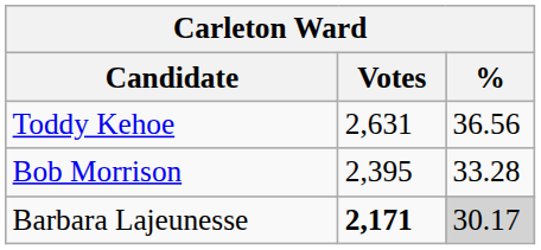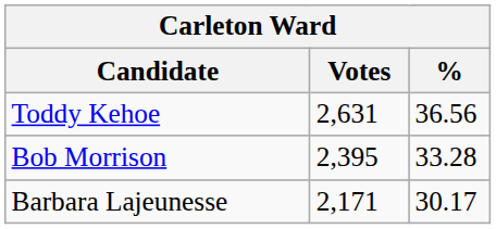 <table class="wikitable">
 <tr>
 <th colspan="3">Carleton Ward</th>
 </tr>
 <tr>
 <th style="width: 170px">Candidate</th>
 <th style="width: 50px">Votes</th>
 <th style="width: 40px">%</th>
 </tr>
 <tr>
 <td><a href='#'>Toddy Kehoe</a></td>
 <td>2,631</td>
 <td>36.56</td>
 </tr>
 <tr>
 <td><a href='#'>Bob Morrison</a></td>
 <td>2,395</td>
 <td>33.28</td>
 </tr>
 <tr>
 <td>Barbara Lajeunesse</td>
-<td><strong>2,171</strong></td>
-<td style="background: lightgrey;">30.17</td>
+<td>2,171</td>
+<td>30.17</td>
 </tr>
 </table>
